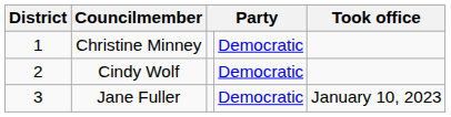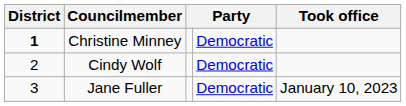 <table class="wikitable sortable" style="text-align:center">
 <tr style="background:#cccccc">
 <th>District</th>
 <th>Councilmember</th>
 <th colspan="2">Party</th>
 <th>Took office</th>
 </tr>
 <tr>
-<td>1</td>
+<td><strong>1</strong></td>
 <td>Christine Minney</td>
 <td style="background: "></td>
 <td><a href='#'>Democratic</a></td>
 <td></td>
 </tr>
 <tr>
 <td>2</td>
 <td>Cindy Wolf</td>
 <td style="background: "></td>
 <td><a href='#'>Democratic</a></td>
 <td></td>
 </tr>
 <tr>
 <td>3</td>
 <td>Jane Fuller</td>
 <td style="background: "></td>
 <td><a href='#'>Democratic</a></td>
 <td>January 10, 2023</td>
 </tr>
 </table>
